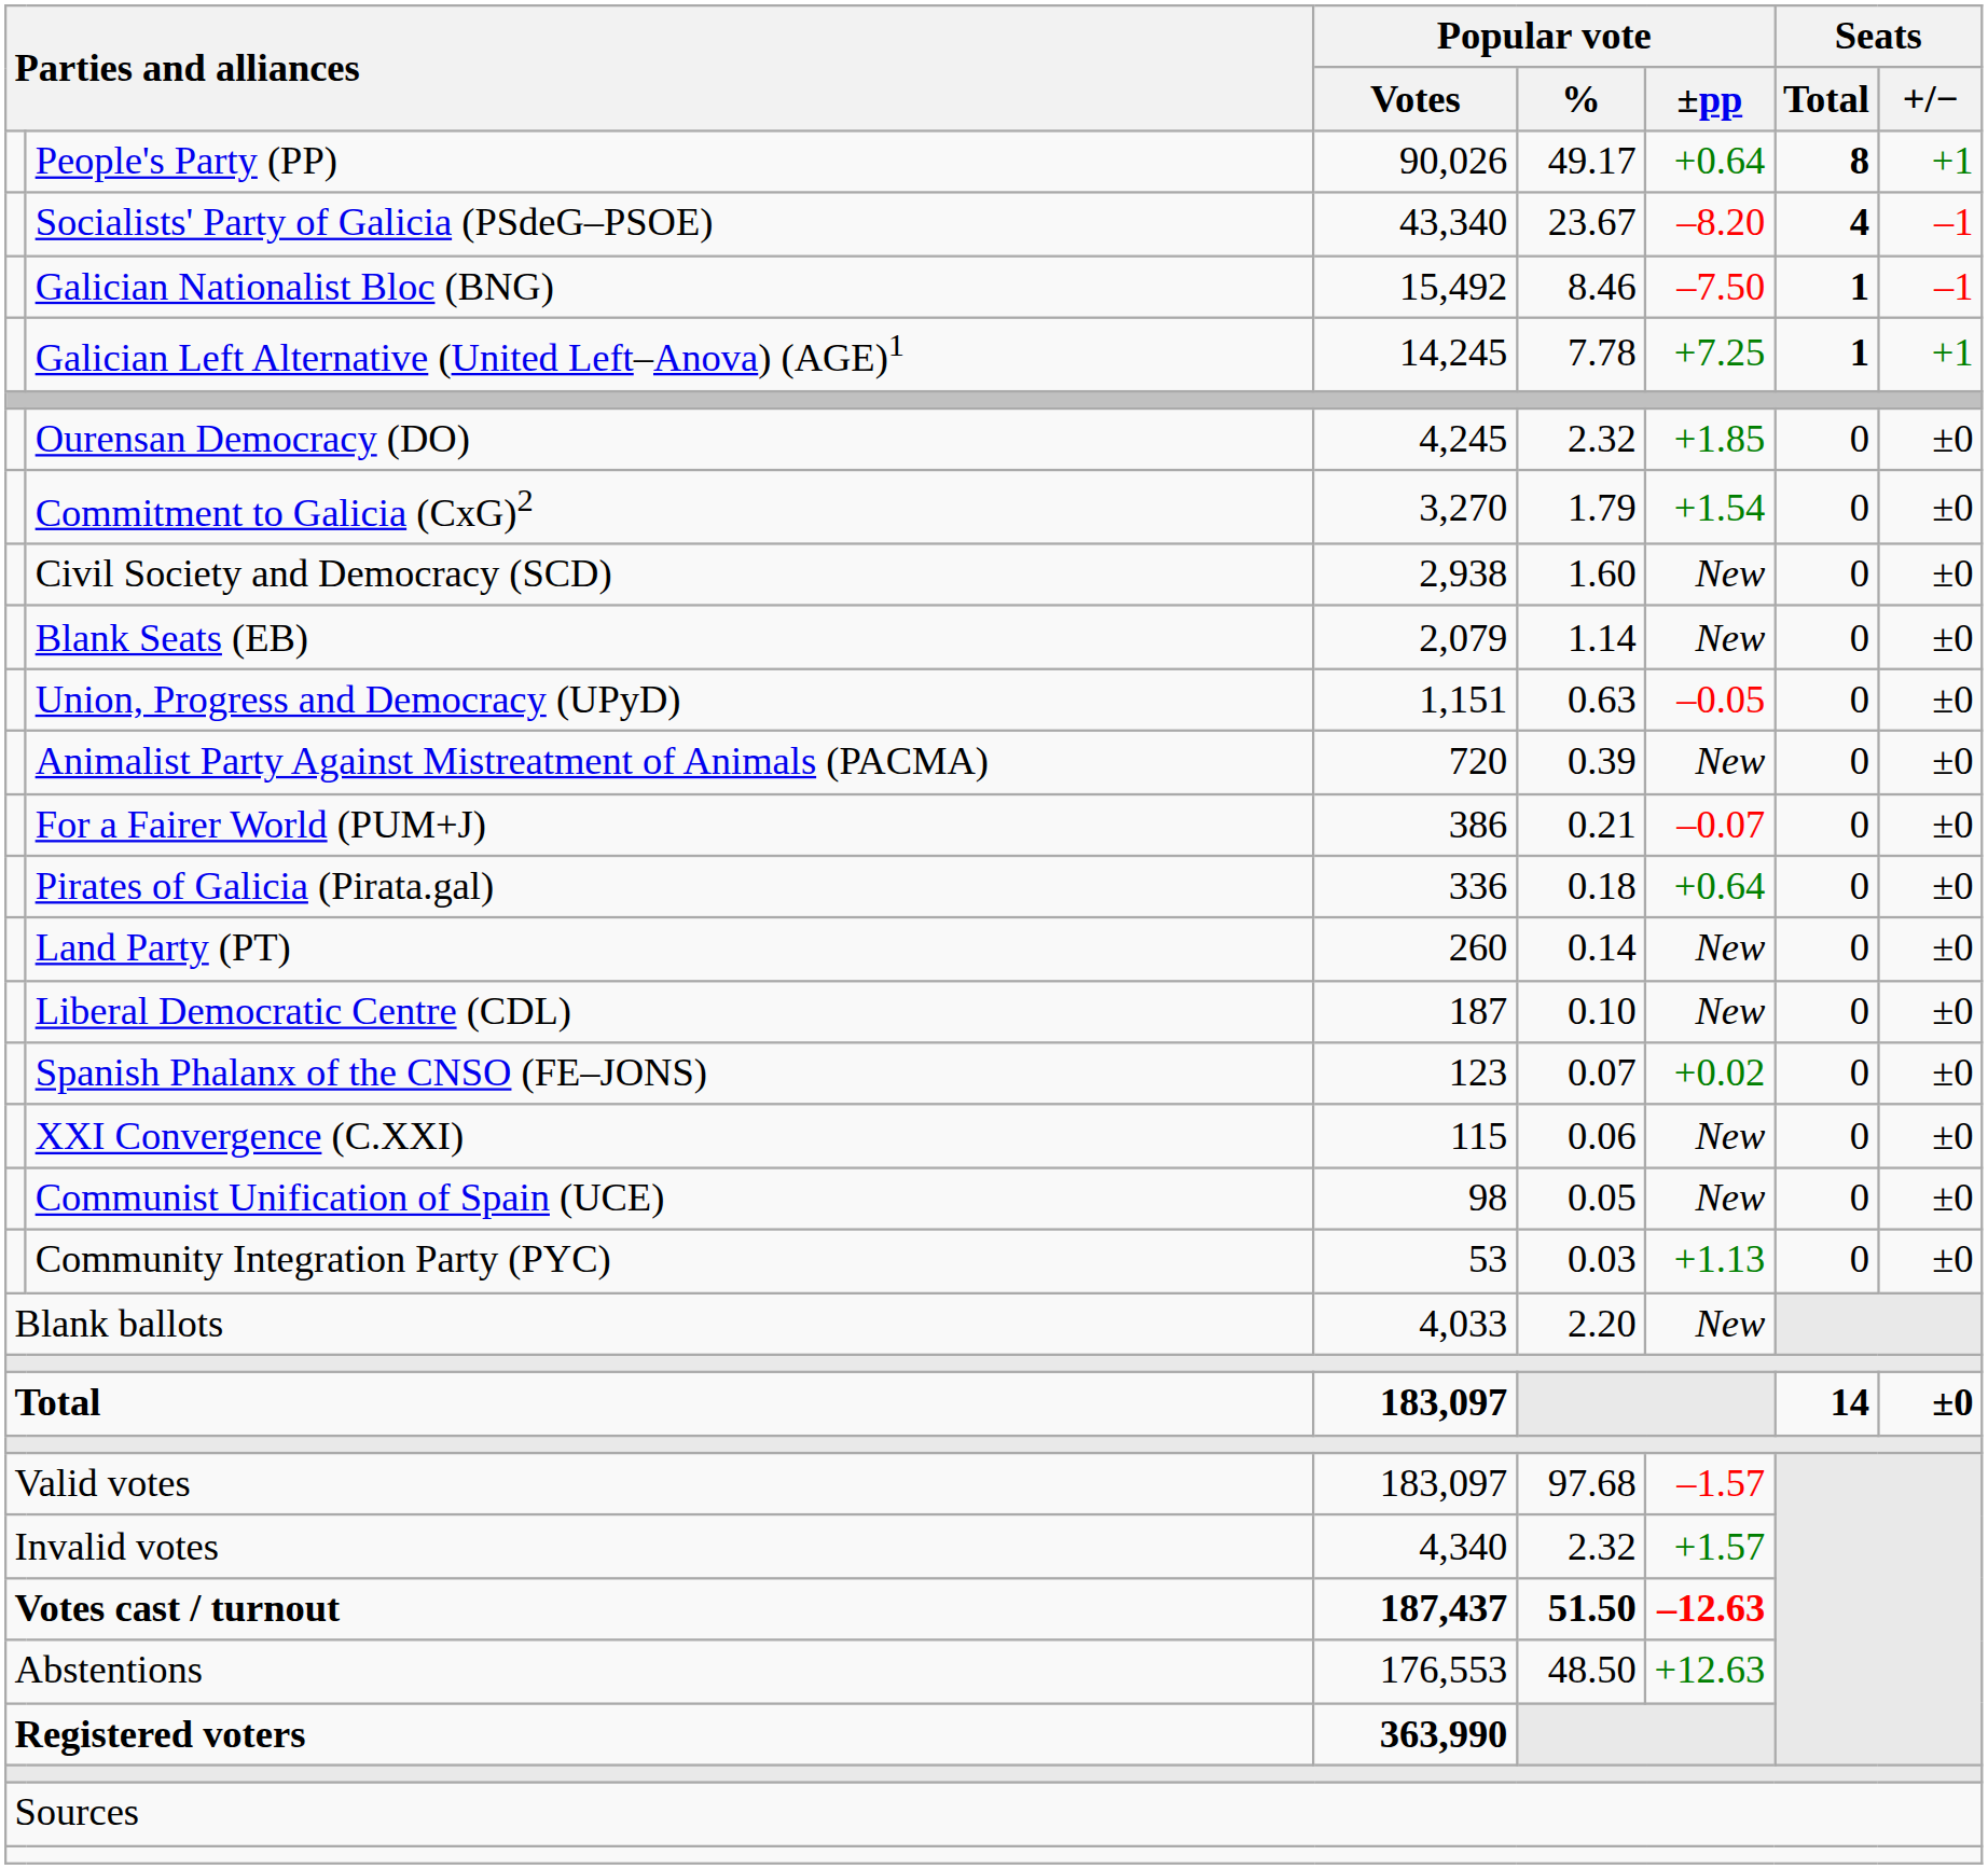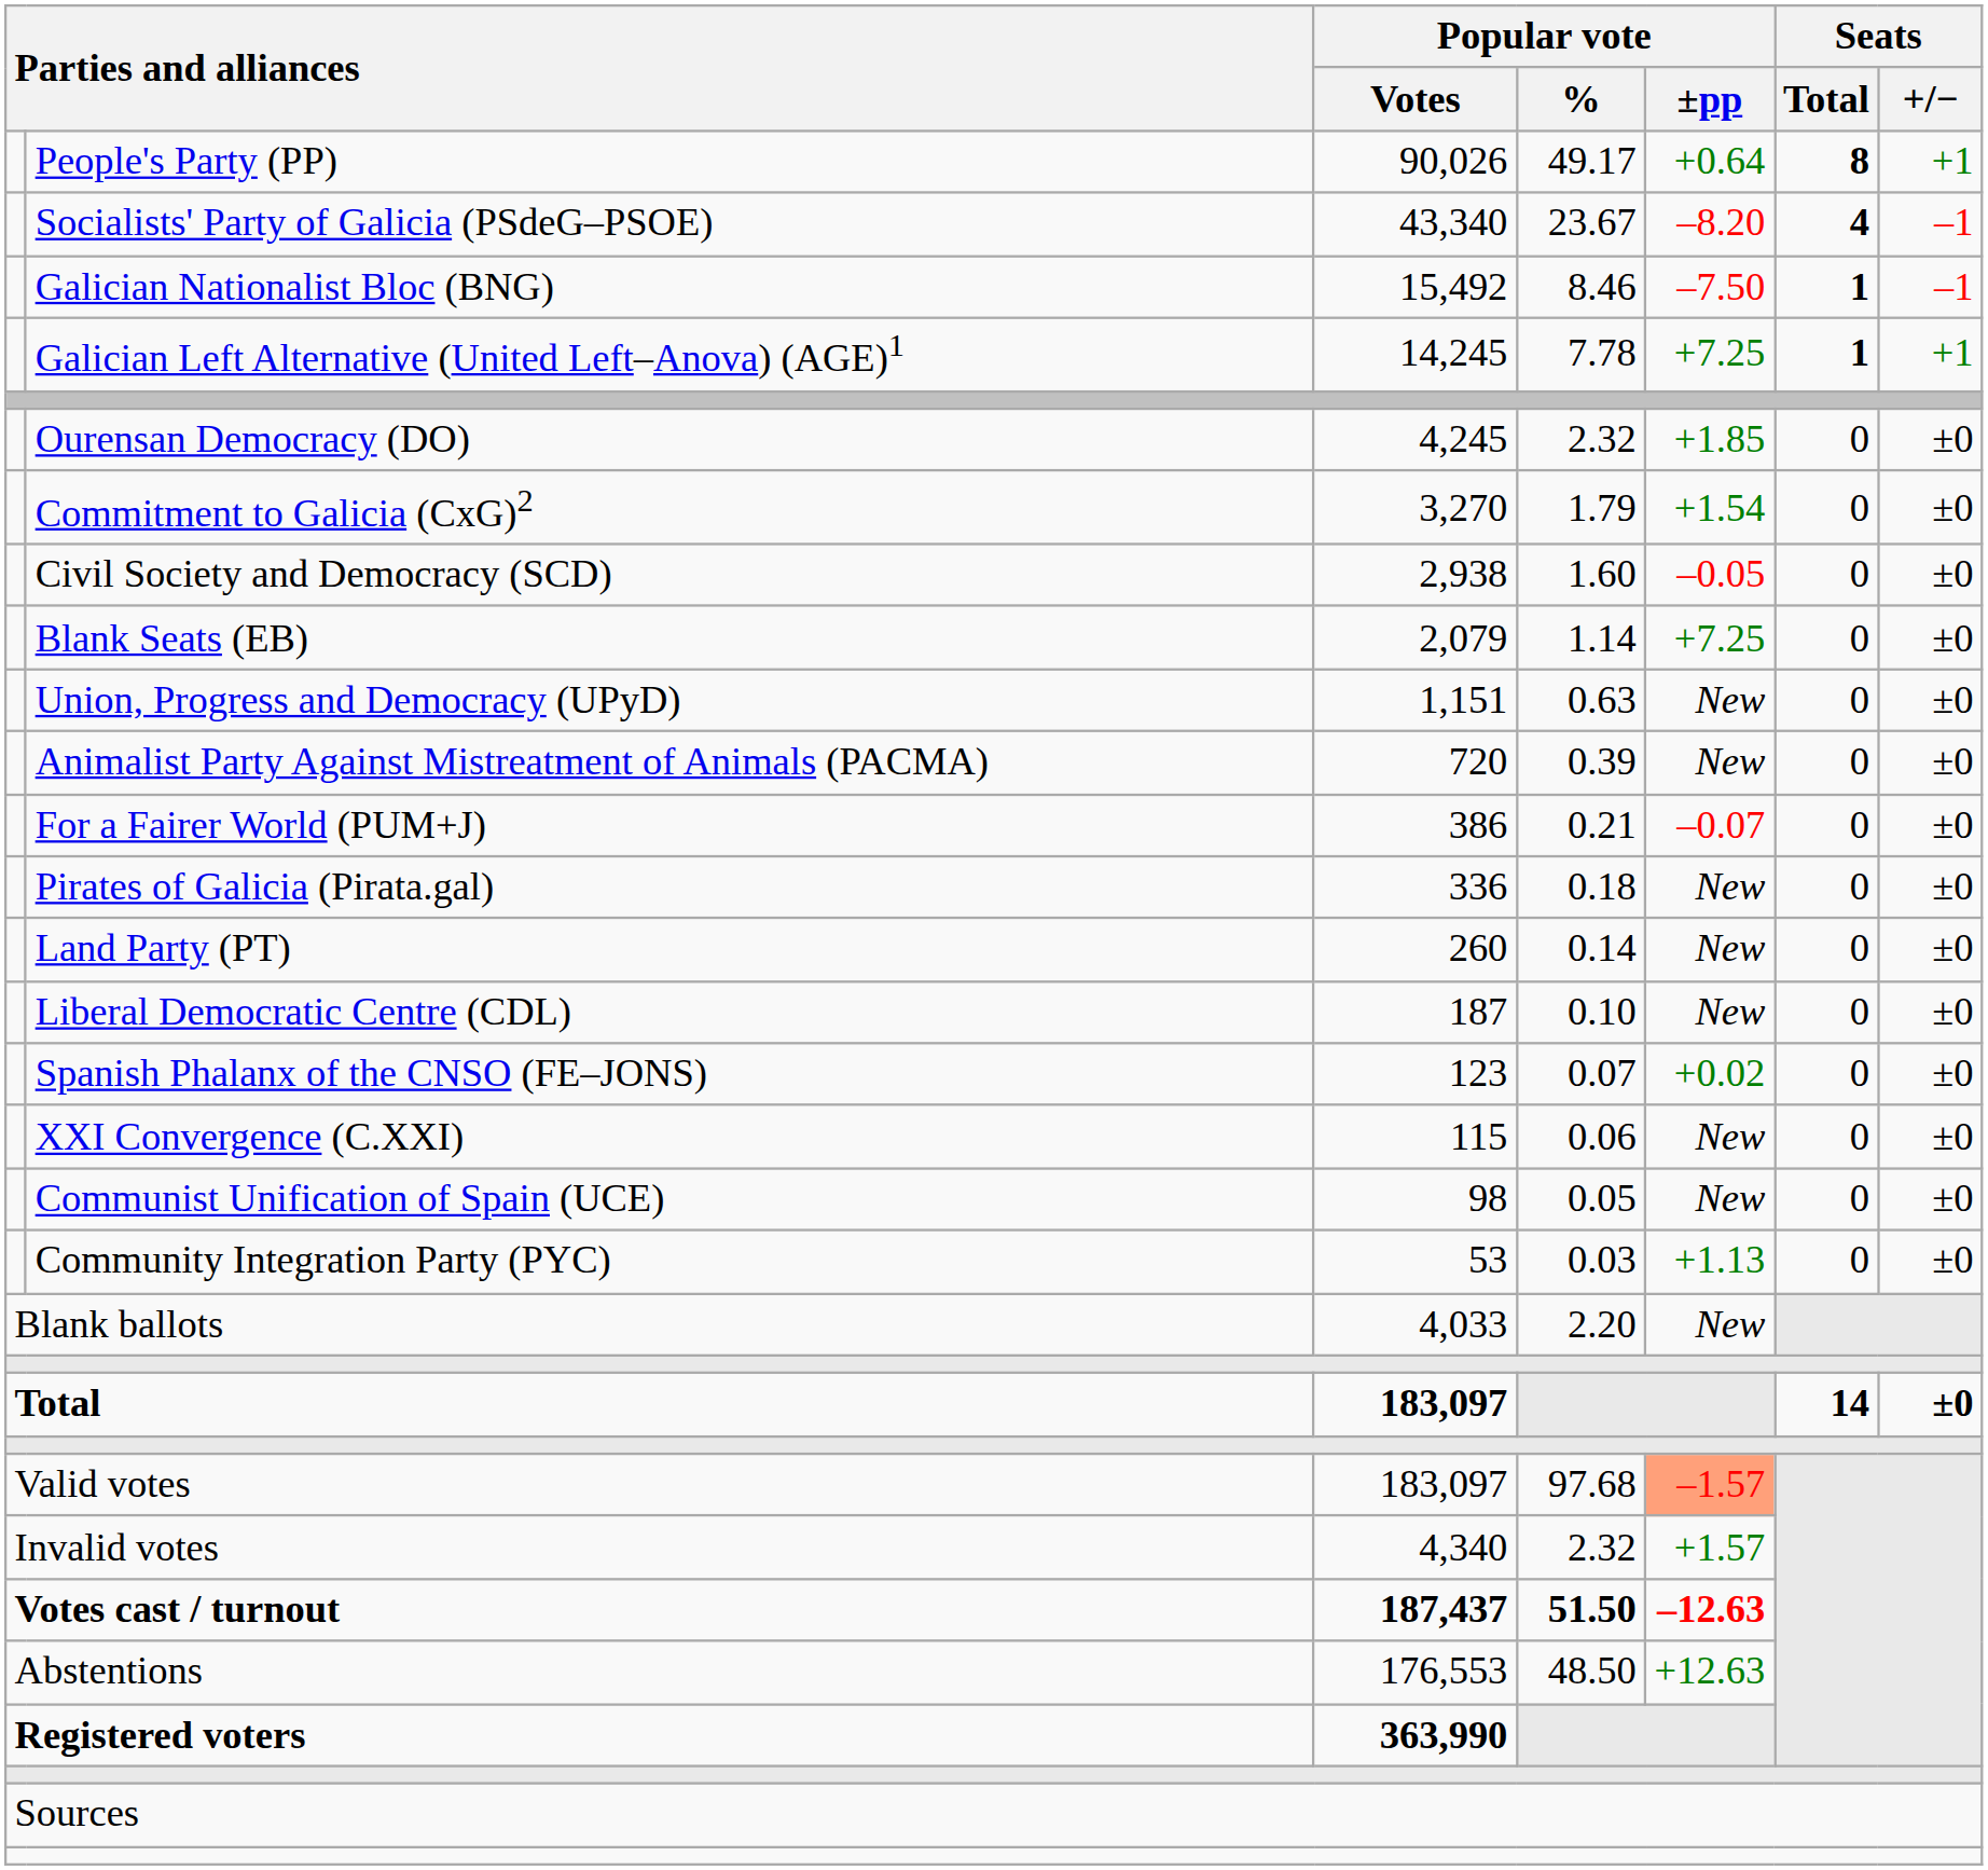 <table class="wikitable" style="text-align:right;">
 <tr>
 <th style="text-align:left;" rowspan="2" colspan="2" width="525">Parties and alliances</th>
 <th colspan="3">Popular vote</th>
 <th colspan="2">Seats</th>
 </tr>
 <tr>
 <th width="75">Votes</th>
 <th width="45">%</th>
 <th width="45">±<a href='#'>pp</a></th>
 <th width="35">Total</th>
 <th width="35">+/−</th>
 </tr>
 <tr>
 <td width="1" style="color:inherit;background:"></td>
 <td align="left"><a href='#'>People's Party</a> (PP)</td>
 <td>90,026</td>
 <td>49.17</td>
 <td style="color:green;">+0.64</td>
 <td><strong>8</strong></td>
 <td style="color:green;">+1</td>
 </tr>
 <tr>
 <td style="color:inherit;background:"></td>
 <td align="left"><a href='#'>Socialists' Party of Galicia</a> (PSdeG–PSOE)</td>
 <td>43,340</td>
 <td>23.67</td>
 <td style="color:red;">–8.20</td>
 <td><strong>4</strong></td>
 <td style="color:red;">–1</td>
 </tr>
 <tr>
 <td style="color:inherit;background:"></td>
 <td align="left"><a href='#'>Galician Nationalist Bloc</a> (BNG)</td>
 <td>15,492</td>
 <td>8.46</td>
 <td style="color:red;">–7.50</td>
 <td><strong>1</strong></td>
 <td style="color:red;">–1</td>
 </tr>
 <tr>
 <td style="color:inherit;background:"></td>
 <td align="left"><a href='#'>Galician Left Alternative</a> (<a href='#'>United Left</a>–<a href='#'>Anova</a>) (AGE)<sup>1</sup></td>
 <td>14,245</td>
 <td>7.78</td>
 <td style="color:green;">+7.25</td>
 <td><strong>1</strong></td>
 <td style="color:green;">+1</td>
 </tr>
 <tr>
 <td colspan="7" bgcolor="#C0C0C0"></td>
 </tr>
 <tr>
 <td style="color:inherit;background:"></td>
 <td align="left"><a href='#'>Ourensan Democracy</a> (DO)</td>
 <td>4,245</td>
 <td>2.32</td>
 <td style="color:green;">+1.85</td>
 <td>0</td>
 <td>±0</td>
 </tr>
 <tr>
 <td style="color:inherit;background:"></td>
 <td align="left"><a href='#'>Commitment to Galicia</a> (CxG)<sup>2</sup></td>
 <td>3,270</td>
 <td>1.79</td>
 <td style="color:green;">+1.54</td>
 <td>0</td>
 <td>±0</td>
 </tr>
 <tr>
 <td style="color:inherit;background:"></td>
 <td align="left">Civil Society and Democracy (SCD)</td>
 <td>2,938</td>
 <td>1.60</td>
-<td><em>New</em></td>
+<td style="color:red;">–0.05</td>
 <td>0</td>
 <td>±0</td>
 </tr>
 <tr>
 <td style="color:inherit;background:"></td>
 <td align="left"><a href='#'>Blank Seats</a> (EB)</td>
 <td>2,079</td>
 <td>1.14</td>
-<td><em>New</em></td>
+<td style="color:green;">+7.25</td>
 <td>0</td>
 <td>±0</td>
 </tr>
 <tr>
 <td style="color:inherit;background:"></td>
 <td align="left"><a href='#'>Union, Progress and Democracy</a> (UPyD)</td>
 <td>1,151</td>
 <td>0.63</td>
-<td style="color:red;">–0.05</td>
+<td><em>New</em></td>
 <td>0</td>
 <td>±0</td>
 </tr>
 <tr>
 <td style="color:inherit;background:"></td>
 <td align="left"><a href='#'>Animalist Party Against Mistreatment of Animals</a> (PACMA)</td>
 <td>720</td>
 <td>0.39</td>
 <td><em>New</em></td>
 <td>0</td>
 <td>±0</td>
 </tr>
 <tr>
 <td style="color:inherit;background:"></td>
 <td align="left"><a href='#'>For a Fairer World</a> (PUM+J)</td>
 <td>386</td>
 <td>0.21</td>
 <td style="color:red;">–0.07</td>
 <td>0</td>
 <td>±0</td>
 </tr>
 <tr>
 <td style="color:inherit;background:"></td>
 <td align="left"><a href='#'>Pirates of Galicia</a> (Pirata.gal)</td>
 <td>336</td>
 <td>0.18</td>
-<td style="color:green;">+0.64</td>
+<td><em>New</em></td>
 <td>0</td>
 <td>±0</td>
 </tr>
 <tr>
 <td style="color:inherit;background:"></td>
 <td align="left"><a href='#'>Land Party</a> (PT)</td>
 <td>260</td>
 <td>0.14</td>
 <td><em>New</em></td>
 <td>0</td>
 <td>±0</td>
 </tr>
 <tr>
 <td style="color:inherit;background:"></td>
 <td align="left"><a href='#'>Liberal Democratic Centre</a> (CDL)</td>
 <td>187</td>
 <td>0.10</td>
 <td><em>New</em></td>
 <td>0</td>
 <td>±0</td>
 </tr>
 <tr>
 <td style="color:inherit;background:"></td>
 <td align="left"><a href='#'>Spanish Phalanx of the CNSO</a> (FE–JONS)</td>
 <td>123</td>
 <td>0.07</td>
 <td style="color:green;">+0.02</td>
 <td>0</td>
 <td>±0</td>
 </tr>
 <tr>
 <td style="color:inherit;background:"></td>
 <td align="left"><a href='#'>XXI Convergence</a> (C.XXI)</td>
 <td>115</td>
 <td>0.06</td>
 <td><em>New</em></td>
 <td>0</td>
 <td>±0</td>
 </tr>
 <tr>
 <td style="color:inherit;background:"></td>
 <td align="left"><a href='#'>Communist Unification of Spain</a> (UCE)</td>
 <td>98</td>
 <td>0.05</td>
 <td><em>New</em></td>
 <td>0</td>
 <td>±0</td>
 </tr>
 <tr>
 <td style="color:inherit;background:"></td>
 <td align="left">Community Integration Party (PYC)</td>
 <td>53</td>
 <td>0.03</td>
 <td style="color:green;">+1.13</td>
 <td>0</td>
 <td>±0</td>
 </tr>
 <tr>
 <td align="left" colspan="2">Blank ballots</td>
 <td>4,033</td>
 <td>2.20</td>
 <td><em>New</em></td>
 <td bgcolor="#E9E9E9" colspan="2"></td>
 </tr>
 <tr>
 <td colspan="7" bgcolor="#E9E9E9"></td>
 </tr>
 <tr style="font-weight:bold;">
 <td align="left" colspan="2">Total</td>
 <td>183,097</td>
 <td bgcolor="#E9E9E9" colspan="2"></td>
 <td>14</td>
 <td>±0</td>
 </tr>
 <tr>
 <td colspan="7" bgcolor="#E9E9E9"></td>
 </tr>
 <tr>
 <td align="left" colspan="2">Valid votes</td>
 <td>183,097</td>
 <td>97.68</td>
-<td style="color:red;">–1.57</td>
+<td style="background: lightsalmon; color:red;">–1.57</td>
 <td bgcolor="#E9E9E9" colspan="2" rowspan="5"></td>
 </tr>
 <tr>
 <td align="left" colspan="2">Invalid votes</td>
 <td>4,340</td>
 <td>2.32</td>
 <td style="color:green;">+1.57</td>
 </tr>
 <tr style="font-weight:bold;">
 <td align="left" colspan="2">Votes cast / turnout</td>
 <td>187,437</td>
 <td>51.50</td>
 <td style="color:red;">–12.63</td>
 </tr>
 <tr>
 <td align="left" colspan="2">Abstentions</td>
 <td>176,553</td>
 <td>48.50</td>
 <td style="color:green;">+12.63</td>
 </tr>
 <tr style="font-weight:bold;">
 <td align="left" colspan="2">Registered voters</td>
 <td>363,990</td>
 <td bgcolor="#E9E9E9" colspan="2"></td>
 </tr>
 <tr>
 <td colspan="7" bgcolor="#E9E9E9"></td>
 </tr>
 <tr>
 <td align="left" colspan="7">Sources</td>
 </tr>
 <tr>
 <td colspan="7" style="text-align:left; max-width:790px;"></td>
 </tr>
 </table>
